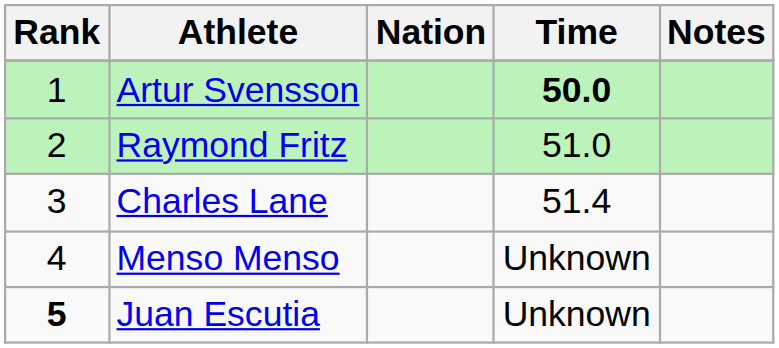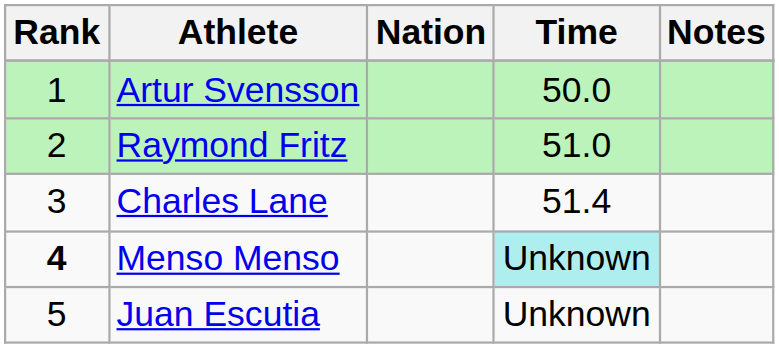 <table class="wikitable sortable" style="text-align:center">
 <tr>
 <th>Rank</th>
 <th>Athlete</th>
 <th>Nation</th>
 <th>Time</th>
 <th>Notes</th>
 </tr>
 <tr>
 </tr>
 <tr bgcolor=bbf3bb>
 <td>1</td>
 <td align=left><a href='#'>Artur Svensson</a></td>
 <td align=left></td>
-<td><strong>50.0</strong></td>
+<td>50.0</td>
 <td></td>
 </tr>
 <tr bgcolor=bbf3bb>
 <td>2</td>
 <td align=left><a href='#'>Raymond Fritz</a></td>
 <td align=left></td>
 <td>51.0</td>
 <td></td>
 </tr>
 <tr>
 <td>3</td>
 <td align=left><a href='#'>Charles Lane</a></td>
 <td align=left></td>
 <td>51.4</td>
 <td></td>
 </tr>
 <tr>
-<td>4</td>
+<td><strong>4</strong></td>
 <td align=left><a href='#'>Menso Menso</a></td>
 <td align=left></td>
-<td>Unknown</td>
+<td style="background: paleturquoise;">Unknown</td>
 <td></td>
 </tr>
 <tr>
-<td><strong>5</strong></td>
+<td>5</td>
 <td align=left><a href='#'>Juan Escutia</a></td>
 <td align=left></td>
 <td>Unknown</td>
 <td></td>
 </tr>
 </table>
